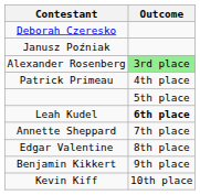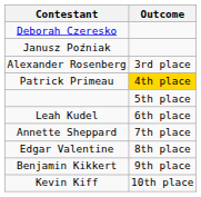 <table class="wikitable sortable" border="2" style="text-align:center;">
 <tr>
 <th>Contestant</th>
 <th>Outcome</th>
 </tr>
 <tr>
 <td><a href='#'>Deborah Czeresko</a></td>
 <td><strong></strong></td>
 </tr>
 <tr>
 <td>Janusz Poźniak</td>
 <td><em></em></td>
 </tr>
 <tr>
 <td>Alexander Rosenberg</td>
-<td style="background: lightgreen;">3rd place</td>
+<td>3rd place</td>
 </tr>
 <tr>
 <td>Patrick Primeau</td>
-<td>4th place</td>
+<td style="background: gold;">4th place</td>
 </tr>
 <tr>
 <td></td>
 <td>5th place</td>
 </tr>
 <tr>
 <td>Leah Kudel</td>
-<td><strong>6th place</strong></td>
+<td>6th place</td>
 </tr>
 <tr>
 <td>Annette Sheppard</td>
 <td>7th place</td>
 </tr>
 <tr>
 <td>Edgar Valentine</td>
 <td>8th place</td>
 </tr>
 <tr>
 <td>Benjamin Kikkert</td>
 <td>9th place</td>
 </tr>
 <tr>
 <td>Kevin Kiff</td>
 <td>10th place</td>
 </tr>
 </table>
